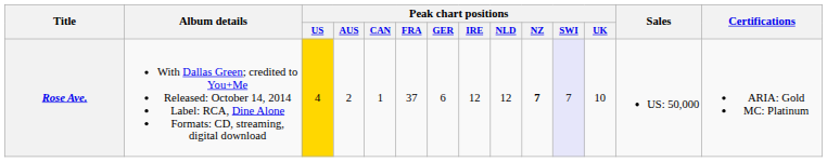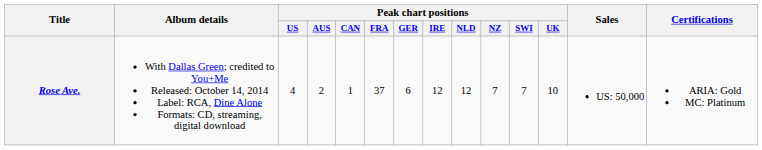 <table class="wikitable plainrowheaders" style="text-align:center;">
 <tr>
 <th scope="col" rowspan="2" style="width:10em;">Title</th>
 <th scope="col" rowspan="2" style="width:15em;">Album details</th>
 <th scope="col" colspan="10">Peak chart positions</th>
 <th scope="col" rowspan="2">Sales</th>
 <th scope="col" rowspan="2" style="width:10em;"><a href='#'>Certifications</a></th>
 </tr>
 <tr>
 <th scope="col" style="width:2.75em;font-size:85%;"><a href='#'>US</a><br></th>
 <th scope="col" style="width:2.75em;font-size:85%;"><a href='#'>AUS</a><br></th>
 <th scope="col" style="width:2.75em;font-size:85%;"><a href='#'>CAN</a><br></th>
 <th scope="col" style="width:2.75em;font-size:85%;"><a href='#'>FRA</a><br></th>
 <th scope="col" style="width:2.75em;font-size:85%;"><a href='#'>GER</a><br></th>
 <th scope="col" style="width:2.75em;font-size:85%;"><a href='#'>IRE</a><br></th>
 <th scope="col" style="width:2.75em;font-size:85%;"><a href='#'>NLD</a><br></th>
 <th scope="col" style="width:2.75em;font-size:85%;"><a href='#'>NZ</a><br></th>
 <th scope="col" style="width:2.75em;font-size:85%;"><a href='#'>SWI</a><br></th>
 <th scope="col" style="width:2.75em;font-size:85%;"><a href='#'>UK</a><br></th>
 </tr>
 <tr>
 <th scope="row"><em><a href='#'>Rose Ave.</a></em></th>
 <td><br><ul><li>With <a href='#'>Dallas Green</a>; credited to <a href='#'>You+Me</a></li><li>Released: October 14, 2014</li><li>Label: RCA, <a href='#'>Dine Alone</a></li><li>Formats: CD, streaming, digital download</li></ul></td>
-<td style="background: gold;">4</td>
+<td>4</td>
 <td>2</td>
 <td>1</td>
 <td>37</td>
 <td>6</td>
 <td>12</td>
 <td>12</td>
-<td><strong>7</strong></td>
-<td style="background: lavender;">7</td>
+<td>7</td>
+<td>7</td>
 <td>10</td>
 <td><br><ul><li>US: 50,000</li></ul></td>
 <td><br><ul><li>ARIA: Gold</li><li>MC: Platinum</li></ul></td>
 </tr>
 </table>
